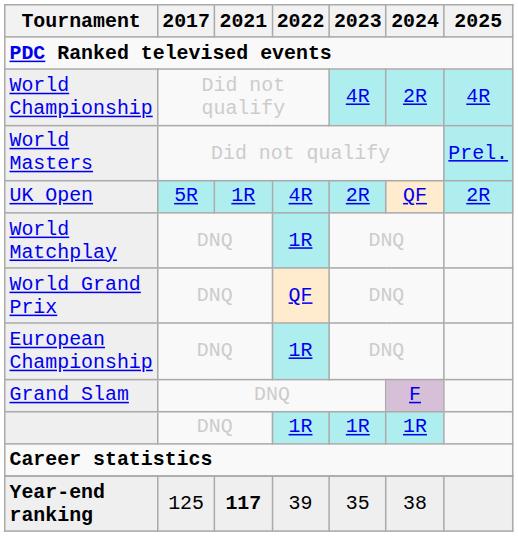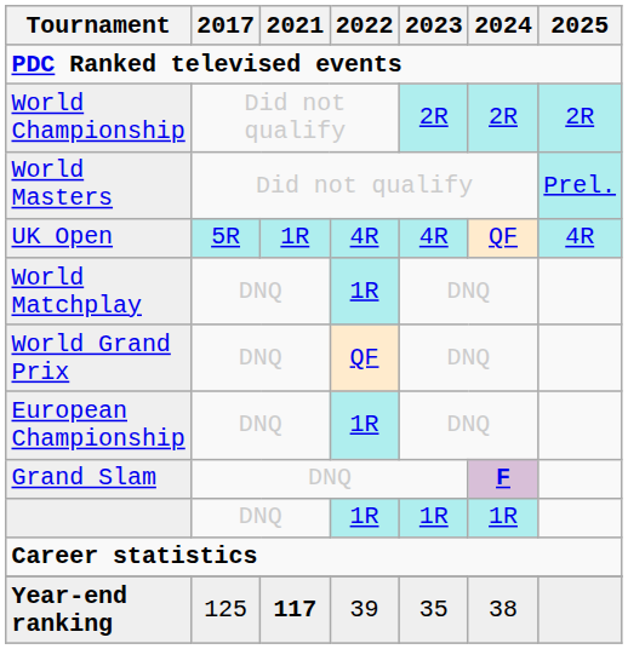 <table class="wikitable" style="width:20%; margin:0">
 <tr>
 <th>Tournament</th>
 <th>2017</th>
 <th>2021</th>
 <th>2022</th>
 <th>2023</th>
 <th>2024</th>
 <th>2025</th>
 </tr>
 <tr>
 <td colspan="15" align="left"><strong><a href='#'>PDC</a> Ranked televised events</strong></td>
 </tr>
 <tr>
 <td style="background:#efefef;"><a href='#'>World Championship</a></td>
 <td colspan="3" style="text-align:center; color:#ccc;">Did not qualify</td>
-<td style="text-align:center; background:#afeeee;"><a href='#'>4R</a></td>
 <td style="text-align:center; background:#afeeee;"><a href='#'>2R</a></td>
-<td style="text-align:center; background:#afeeee;"><a href='#'>4R</a></td>
+<td style="text-align:center; background:#afeeee;"><a href='#'>2R</a></td>
+<td style="text-align:center; background:#afeeee;"><a href='#'>2R</a></td>
 </tr>
 <tr>
 <td style="background:#efefef;"><a href='#'>World Masters</a></td>
 <td colspan="5" style="text-align:center; color:#ccc;">Did not qualify</td>
 <td style="text-align:center; background:#afeeee;"><a href='#'>Prel.</a></td>
 </tr>
 <tr>
 <td style="background:#efefef;"><a href='#'>UK Open</a></td>
 <td style="text-align:center; background:#afeeee;"><a href='#'>5R</a></td>
 <td style="text-align:center; background:#afeeee;"><a href='#'>1R</a></td>
 <td style="text-align:center; background:#afeeee;"><a href='#'>4R</a></td>
-<td style="text-align:center; background:#afeeee;"><a href='#'>2R</a></td>
+<td style="text-align:center; background:#afeeee;"><a href='#'>4R</a></td>
 <td style="text-align:center; background:#ffebcd;"><a href='#'>QF</a></td>
-<td style="text-align:center; background:#afeeee;"><a href='#'>2R</a></td>
+<td style="text-align:center; background:#afeeee;"><a href='#'>4R</a></td>
 </tr>
 <tr>
 <td style="background:#efefef;"><a href='#'>World Matchplay</a></td>
 <td colspan="2" style="text-align:center; color:#ccc;">DNQ</td>
 <td style="text-align:center; background:#afeeee;"><a href='#'>1R</a></td>
 <td colspan="2" style="text-align:center; color:#ccc;">DNQ</td>
 <td></td>
 </tr>
 <tr>
 <td style="background:#efefef;"><a href='#'>World Grand Prix</a></td>
 <td colspan="2" style="text-align:center; color:#ccc;">DNQ</td>
 <td style="text-align:center; background:#ffebcd;"><a href='#'>QF</a></td>
 <td colspan="2" style="text-align:center; color:#ccc;">DNQ</td>
 <td></td>
 </tr>
 <tr>
 <td style="background:#efefef;"><a href='#'>European Championship</a></td>
 <td colspan="2" style="text-align:center; color:#ccc;">DNQ</td>
 <td style="text-align:center; background:#afeeee;"><a href='#'>1R</a></td>
 <td colspan="2" style="text-align:center; color:#ccc;">DNQ</td>
 <td></td>
 </tr>
 <tr>
 <td style="background:#efefef;"><a href='#'>Grand Slam</a></td>
 <td colspan="4" style="text-align:center; color:#ccc;">DNQ</td>
-<td style="text-align:center; background:thistle;"><a href='#'>F</a></td>
+<td style="text-align:center; background:thistle;"><strong><a href='#'>F</a></strong></td>
 <td></td>
 </tr>
 <tr>
 <td style="background:#efefef;"></td>
 <td colspan="2" style="text-align:center; color:#ccc;">DNQ</td>
 <td style="text-align:center; background:#afeeee;"><a href='#'>1R</a></td>
 <td style="text-align:center; background:#afeeee;"><a href='#'>1R</a></td>
 <td style="text-align:center; background:#afeeee;"><a href='#'>1R</a></td>
 <td></td>
 </tr>
 <tr>
 <td colspan="15" align="left"><strong>Career statistics</strong></td>
 </tr>
 <tr>
 </tr>
 <tr bgcolor="efefef">
 <td align="left"><strong>Year-end ranking</strong></td>
 <td style="text-align:center;">125</td>
 <td style="text-align:center;"><strong>117</strong></td>
 <td style="text-align:center;">39</td>
 <td style="text-align:center;">35</td>
 <td style="text-align:center;">38</td>
 <td></td>
 </tr>
 </table>
